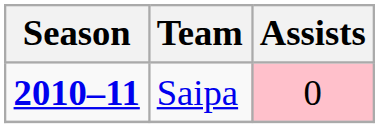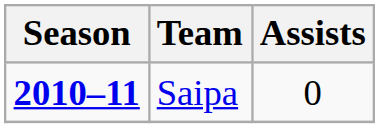 <table class="wikitable" style="text-align: center;">
 <tr>
 <th>Season</th>
 <th>Team</th>
 <th>Assists</th>
 </tr>
 <tr>
 <td><strong><a href='#'>2010–11</a></strong></td>
 <td align="left"><a href='#'>Saipa</a></td>
-<td style="background: pink;">0</td>
+<td>0</td>
 </tr>
 <tr>
 </tr>
 </table>
